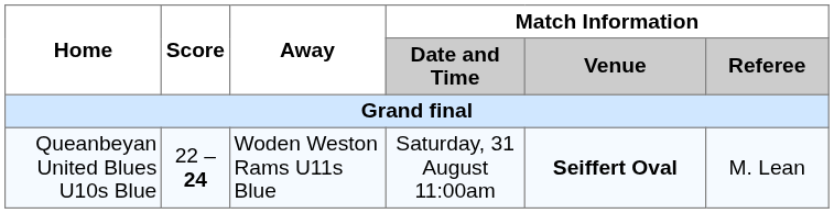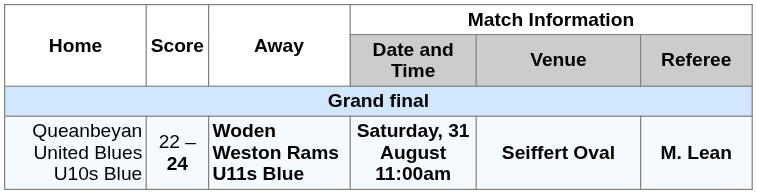 <table border="1" cellpadding="3" cellspacing="0" width="100%" style="border-collapse:collapse;  text-align:center;">
 <tr>
 <th rowspan="2" width="19%">Home</th>
 <th rowspan="2" width="8%">Score</th>
 <th rowspan="2" width="19%">Away</th>
 <th colspan="3">Match Information</th>
 </tr>
 <tr bgcolor="#CCCCCC">
 <th width="17%">Date and Time</th>
 <th width="22%">Venue</th>
 <th width="50%">Referee</th>
 </tr>
 <tr style="background:#d0e7ff;">
 <td colspan="6"><strong>Grand final</strong></td>
 </tr>
 <tr style="text-align:center; background:#f5faff;">
 <td align="right">Queanbeyan United Blues U10s Blue </td>
 <td>22 – <strong>24</strong></td>
-<td align="left"> Woden Weston Rams U11s Blue</td>
-<td>Saturday, 31 August 11:00am</td>
+<td align="left"><strong> Woden Weston Rams U11s Blue</strong></td>
+<td><strong>Saturday, 31 August 11:00am</strong></td>
 <td><strong>Seiffert Oval</strong></td>
-<td>M. Lean</td>
+<td><strong>M. Lean</strong></td>
 </tr>
 </table>
